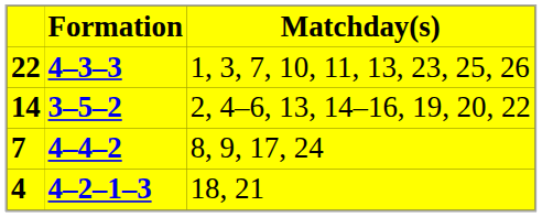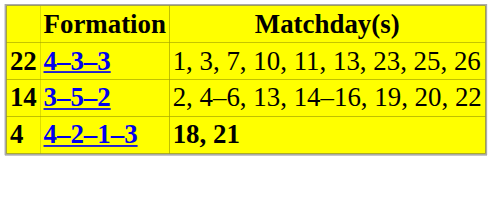 <table class="toccolours" border="0" cellpadding="2" cellspacing="0" align="center" style="margin: 0.5em 0 1em 1em; background: #000000; border: 1px #aaaaaa solid;">
 <tr bgcolor=#FFFF00>
 <th></th>
 <th>Formation</th>
 <th>Matchday(s)</th>
 </tr>
 <tr bgcolor=#FFFF00>
 <td><strong>22</strong></td>
 <td><a href='#'><span><strong>4–3–3</strong></span></a></td>
 <td>1, 3, 7, 10, 11, 13, 23, 25, 26</td>
 </tr>
 <tr bgcolor=#FFFF00>
 <td><strong>14</strong></td>
 <td><a href='#'><span><strong>3–5–2</strong></span></a></td>
 <td>2, 4–6, 13, 14–16, 19, 20, 22</td>
 </tr>
 <tr bgcolor=#FFFF00>
-<td><strong>7</strong></td>
-<td><a href='#'><span><strong>4–4–2</strong></span></a></td>
-<td>8, 9, 17, 24</td>
-</tr>
-<tr bgcolor=#FFFF00>
 <td><strong>4</strong></td>
 <td><a href='#'><span><strong>4–2–1–3</strong></span></a></td>
-<td>18, 21</td>
+<td><strong>18, 21</strong></td>
 </tr>
 </table>
